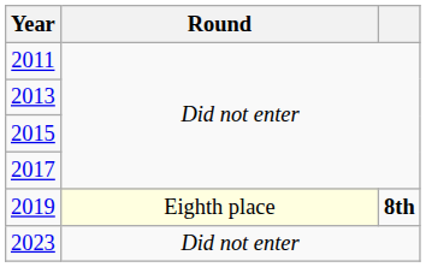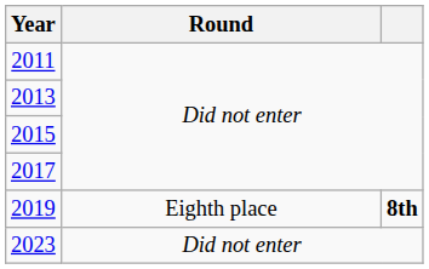 <table class="wikitable" style="text-align: center; font-size:90%">
 <tr>
 <th>Year</th>
 <th style="width:200px">Round</th>
 <th></th>
 </tr>
 <tr>
 <td><a href='#'>2011</a></td>
 <td colspan="2" rowspan="4"><em>Did not enter</em></td>
 </tr>
 <tr>
 <td><a href='#'>2013</a></td>
 </tr>
 <tr>
 <td><a href='#'>2015</a></td>
 </tr>
 <tr>
 <td><a href='#'>2017</a></td>
 </tr>
 <tr>
 <td><a href='#'>2019</a></td>
-<td style="background: lightyellow;">Eighth place</td>
+<td>Eighth place</td>
 <td><strong>8th</strong></td>
 </tr>
 <tr>
 <td><a href='#'>2023</a></td>
 <td colspan="2"><em>Did not enter</em></td>
 </tr>
 </table>
